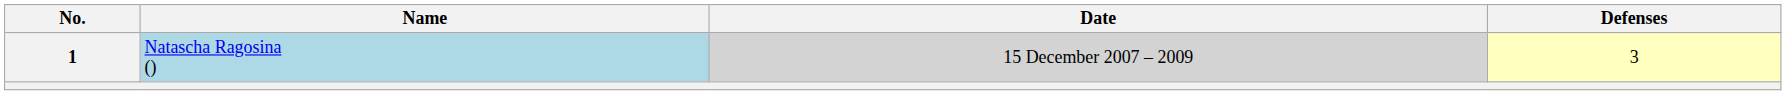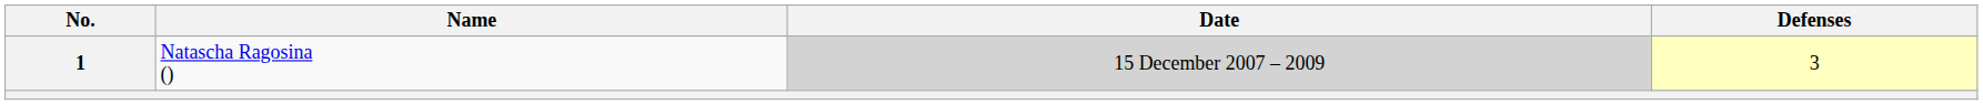 <table class="wikitable sortable" style="width:80%;">
 <tr>
 <th>No.</th>
 <th>Name</th>
 <th>Date</th>
 <th>Defenses</th>
 </tr>
 <tr>
 <th>1</th>
-<td align="left" style="background: lightblue;"><a href='#'>Natascha Ragosina</a><br>()</td>
+<td align="left"><a href='#'>Natascha Ragosina</a><br>()</td>
 <td align="center" style="background: lightgrey;">15 December 2007 – 2009</td>
 <td style="background:#ffffbf;" align="center">3</td>
 </tr>
 <tr>
 <th colspan=4></th>
 </tr>
 </table>
